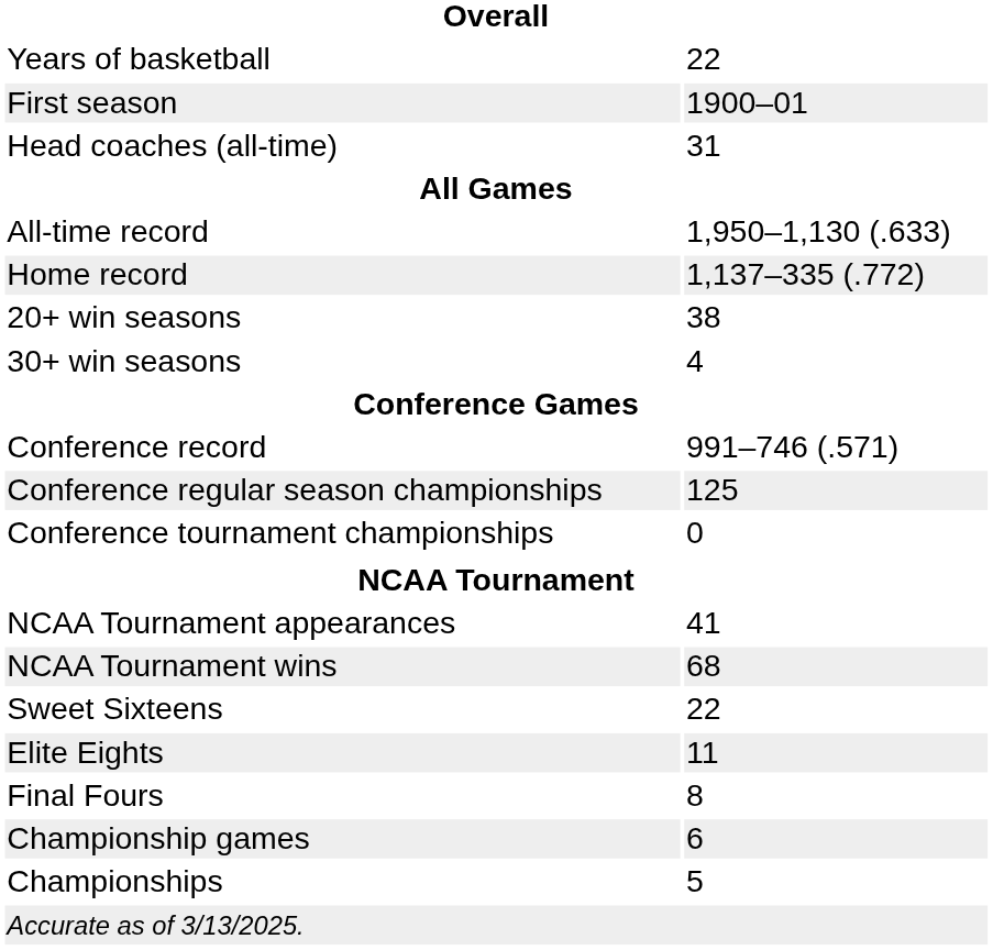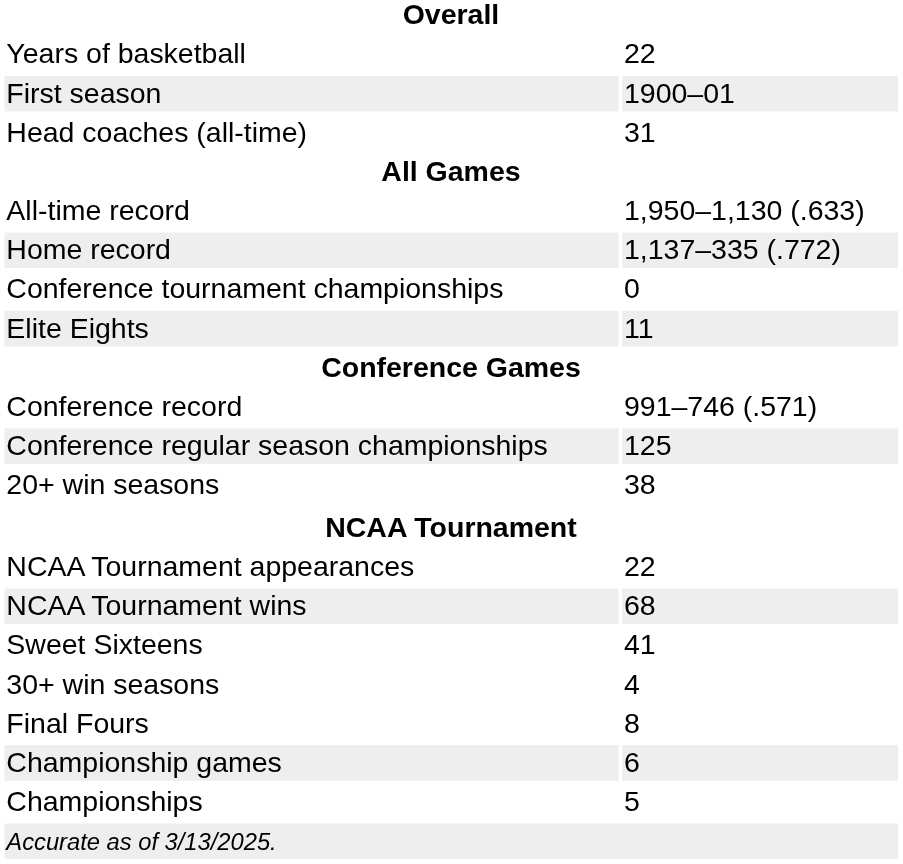 <table width=40% class="toccolours">
 <tr>
 <th colspan=2>Overall</th>
 </tr>
 <tr>
 <td>Years of basketball</td>
 <td>22</td>
 </tr>
 <tr bgcolor=#eeeeee>
 <td>First season</td>
 <td>1900–01</td>
 </tr>
 <tr>
 <td>Head coaches (all-time)</td>
 <td>31</td>
 </tr>
 <tr>
 <th colspan=2>All Games</th>
 </tr>
 <tr>
 <td>All-time record</td>
 <td>1,950–1,130 (.633)</td>
 </tr>
 <tr bgcolor=#eeeeee>
 <td>Home record</td>
 <td>1,137–335 (.772)</td>
 </tr>
 <tr>
-<td>20+ win seasons</td>
-<td>38</td>
+<td>Conference tournament championships</td>
+<td>0</td>
 </tr>
-<tr -bgcolor=#eeeeee>
-<td>30+ win seasons</td>
-<td>4</td>
+<tr bgcolor=#eeeeee>
+<td>Elite Eights</td>
+<td>11</td>
 </tr>
 <tr>
 <th colspan=2>Conference Games</th>
 </tr>
 <tr>
 <td>Conference record</td>
 <td>991–746 (.571)</td>
 </tr>
 <tr bgcolor=#eeeeee>
 <td>Conference regular season championships</td>
 <td>125</td>
 </tr>
 <tr>
-<td>Conference tournament championships</td>
-<td>0</td>
+<td>20+ win seasons</td>
+<td>38</td>
 </tr>
 <tr bgcolor=#eeeeee>
 </tr>
 <tr>
 <th colspan=2>NCAA Tournament</th>
 </tr>
 <tr>
 <td>NCAA Tournament appearances</td>
-<td>41</td>
+<td>22</td>
 </tr>
 <tr bgcolor=#eeeeee>
 <td>NCAA Tournament wins</td>
 <td>68</td>
 </tr>
 <tr>
 <td>Sweet Sixteens</td>
-<td>22</td>
+<td>41</td>
 </tr>
-<tr bgcolor=#eeeeee>
-<td>Elite Eights</td>
-<td>11</td>
+<tr -bgcolor=#eeeeee>
+<td>30+ win seasons</td>
+<td>4</td>
 </tr>
 <tr>
 <td>Final Fours</td>
 <td>8</td>
 </tr>
 <tr bgcolor=#eeeeee>
 <td>Championship games</td>
 <td>6</td>
 </tr>
 <tr>
 <td>Championships</td>
 <td>5</td>
 </tr>
 <tr>
 <td colspan=2 bgcolor=#eeeeee><small><em>Accurate as of 3/13/2025.</em></small></td>
 </tr>
 </table>
